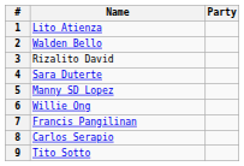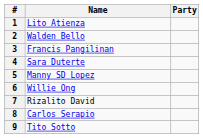 <table class=wikitable width=300px style="font-size:95%;">
 <tr>
 <th width=30px>#</th>
 <th width=250px>Name</th>
 <th colspan=2>Party</th>
 </tr>
 <tr>
 <th>1</th>
 <td><a href='#'>Lito Atienza</a></td>
 <td></td>
 </tr>
 <tr>
 <th>2</th>
 <td><a href='#'>Walden Bello</a></td>
 <td></td>
 </tr>
 <tr>
 <th>3</th>
-<td>Rizalito David</td>
+<td><a href='#'>Francis Pangilinan</a></td>
 <td></td>
 </tr>
 <tr>
 <th>4</th>
 <td><a href='#'>Sara Duterte</a></td>
 <td></td>
 </tr>
 <tr>
 <th>5</th>
 <td><a href='#'>Manny SD Lopez</a></td>
 <td></td>
 </tr>
 <tr>
 <th>6</th>
 <td><a href='#'>Willie Ong</a></td>
 <td></td>
 </tr>
 <tr>
 <th>7</th>
-<td><a href='#'>Francis Pangilinan</a></td>
+<td>Rizalito David</td>
 <td></td>
 </tr>
 <tr>
 <th>8</th>
 <td><a href='#'>Carlos Serapio</a></td>
 <td></td>
 </tr>
 <tr>
 <th>9</th>
 <td><a href='#'>Tito Sotto</a></td>
 <td></td>
 </tr>
 </table>
